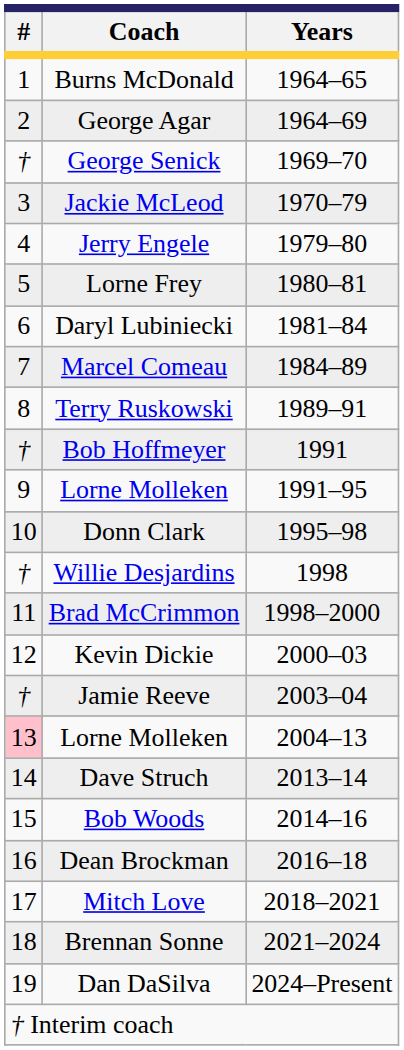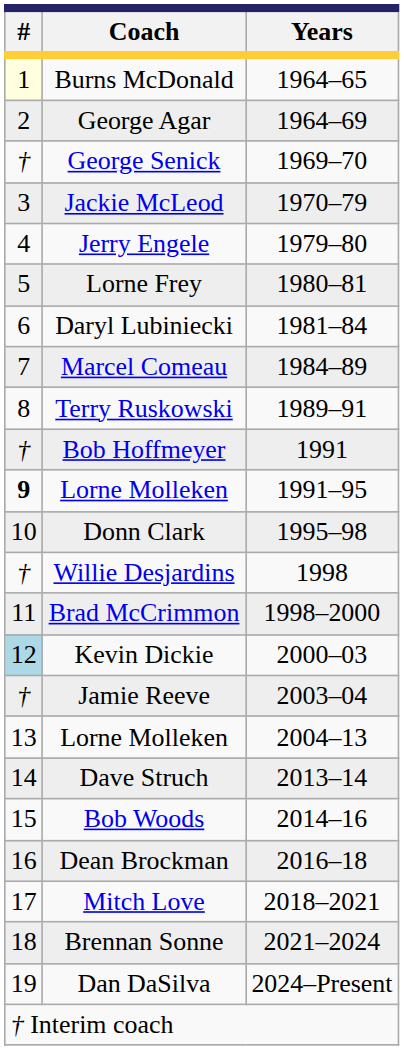 <table class="wikitable">
 <tr style="border-top:#262266 5px solid; border-bottom:#FFCD36 5px solid;">
 <th>#</th>
 <th>Coach</th>
 <th>Years</th>
 </tr>
 <tr style="text-align:center;">
-<td>1</td>
+<td style="background: lightyellow;">1</td>
 <td>Burns McDonald</td>
 <td>1964–65</td>
 </tr>
 <tr style="text-align:center;" bgcolor="#eeeeee">
 <td>2</td>
 <td>George Agar</td>
 <td>1964–69</td>
 </tr>
 <tr style="text-align:center;">
 <td><em>†</em></td>
 <td><a href='#'>George Senick</a></td>
 <td>1969–70</td>
 </tr>
 <tr style="text-align:center;" bgcolor="#eeeeee">
 <td>3</td>
 <td><a href='#'>Jackie McLeod</a></td>
 <td>1970–79</td>
 </tr>
 <tr style="text-align:center;">
 <td>4</td>
 <td><a href='#'>Jerry Engele</a></td>
 <td>1979–80</td>
 </tr>
 <tr style="text-align:center;" bgcolor="#eeeeee">
 <td>5</td>
 <td>Lorne Frey</td>
 <td>1980–81</td>
 </tr>
 <tr style="text-align:center;">
 <td>6</td>
 <td>Daryl Lubiniecki</td>
 <td>1981–84</td>
 </tr>
 <tr style="text-align:center;" bgcolor="#eeeeee">
 <td>7</td>
 <td><a href='#'>Marcel Comeau</a></td>
 <td>1984–89</td>
 </tr>
 <tr style="text-align:center;">
 <td>8</td>
 <td><a href='#'>Terry Ruskowski</a></td>
 <td>1989–91</td>
 </tr>
 <tr style="text-align:center;" bgcolor="#eeeeee">
 <td><em>†</em></td>
 <td><a href='#'>Bob Hoffmeyer</a></td>
 <td>1991</td>
 </tr>
 <tr style="text-align:center;">
-<td>9</td>
+<td><strong>9</strong></td>
 <td><a href='#'>Lorne Molleken</a></td>
 <td>1991–95</td>
 </tr>
 <tr style="text-align:center;" bgcolor="#eeeeee">
 <td>10</td>
 <td>Donn Clark</td>
 <td>1995–98</td>
 </tr>
 <tr style="text-align:center;">
 <td><em>†</em></td>
 <td><a href='#'>Willie Desjardins</a></td>
 <td>1998</td>
 </tr>
 <tr style="text-align:center;" bgcolor="#eeeeee">
 <td>11</td>
 <td><a href='#'>Brad McCrimmon</a></td>
 <td>1998–2000</td>
 </tr>
 <tr style="text-align:center;">
-<td>12</td>
+<td style="background: lightblue;">12</td>
 <td>Kevin Dickie</td>
 <td>2000–03</td>
 </tr>
 <tr style="text-align:center;" bgcolor="#eeeeee">
 <td><em>†</em></td>
 <td>Jamie Reeve</td>
 <td>2003–04</td>
 </tr>
 <tr style="text-align:center;">
-<td style="background: pink;">13</td>
+<td>13</td>
 <td>Lorne Molleken</td>
 <td>2004–13</td>
 </tr>
 <tr style="text-align:center;" bgcolor="#eeeeee">
 <td>14</td>
 <td>Dave Struch</td>
 <td>2013–14</td>
 </tr>
 <tr style="text-align:center;">
 <td>15</td>
 <td><a href='#'>Bob Woods</a></td>
 <td>2014–16</td>
 </tr>
 <tr style="text-align:center;" bgcolor="#eeeeee">
 <td>16</td>
 <td>Dean Brockman</td>
 <td>2016–18</td>
 </tr>
 <tr style="text-align:center;">
 <td>17</td>
 <td><a href='#'>Mitch Love</a></td>
 <td>2018–2021</td>
 </tr>
 <tr style="text-align:center;" bgcolor="#eeeeee">
 <td>18</td>
 <td>Brennan Sonne</td>
 <td>2021–2024</td>
 </tr>
 <tr style="text-align:center;">
 <td>19</td>
 <td>Dan DaSilva</td>
 <td>2024–Present</td>
 </tr>
 <tr>
 <td colspan="3"><em>†</em> Interim coach</td>
 </tr>
 </table>
